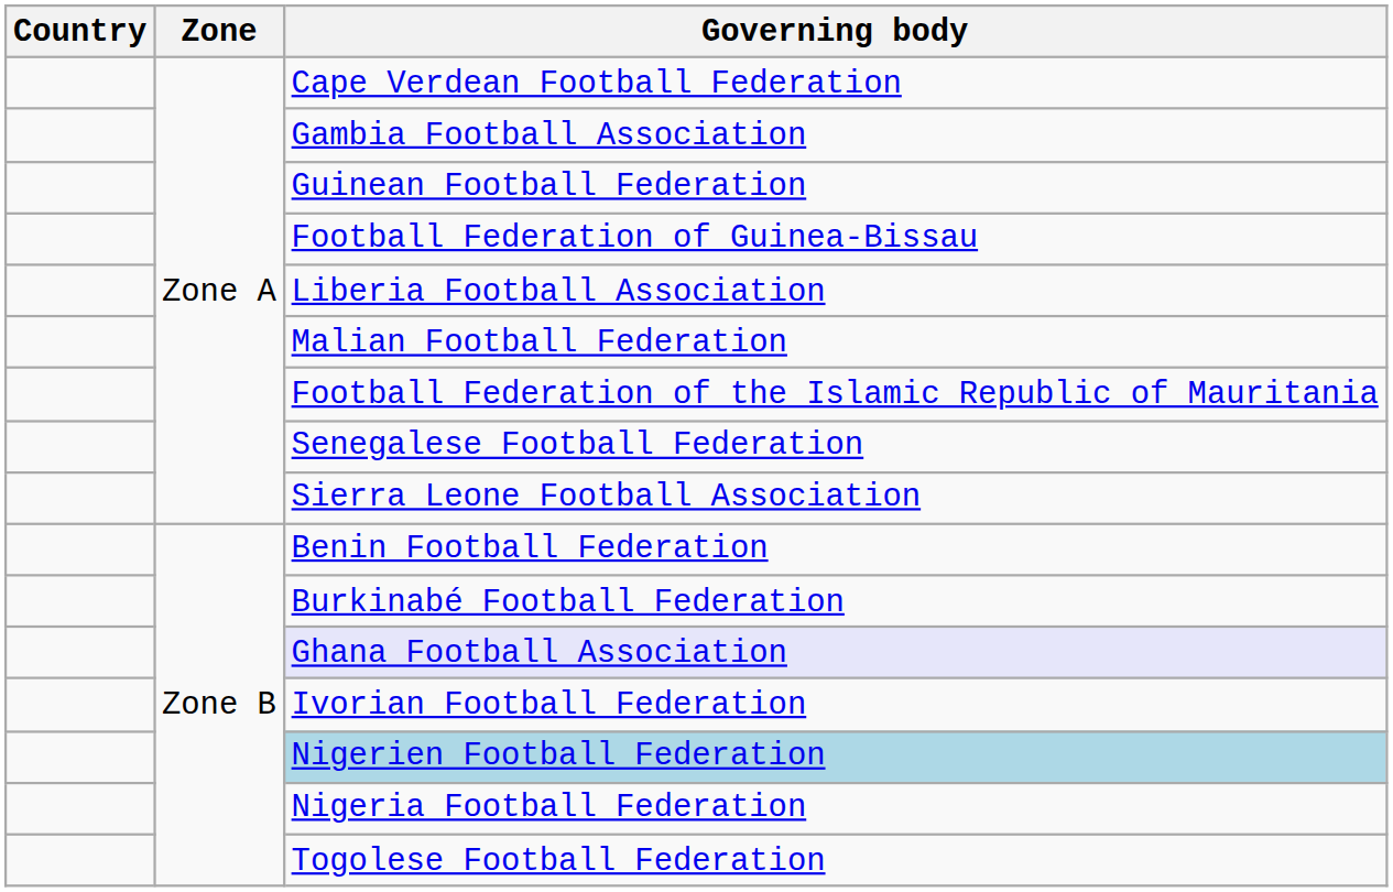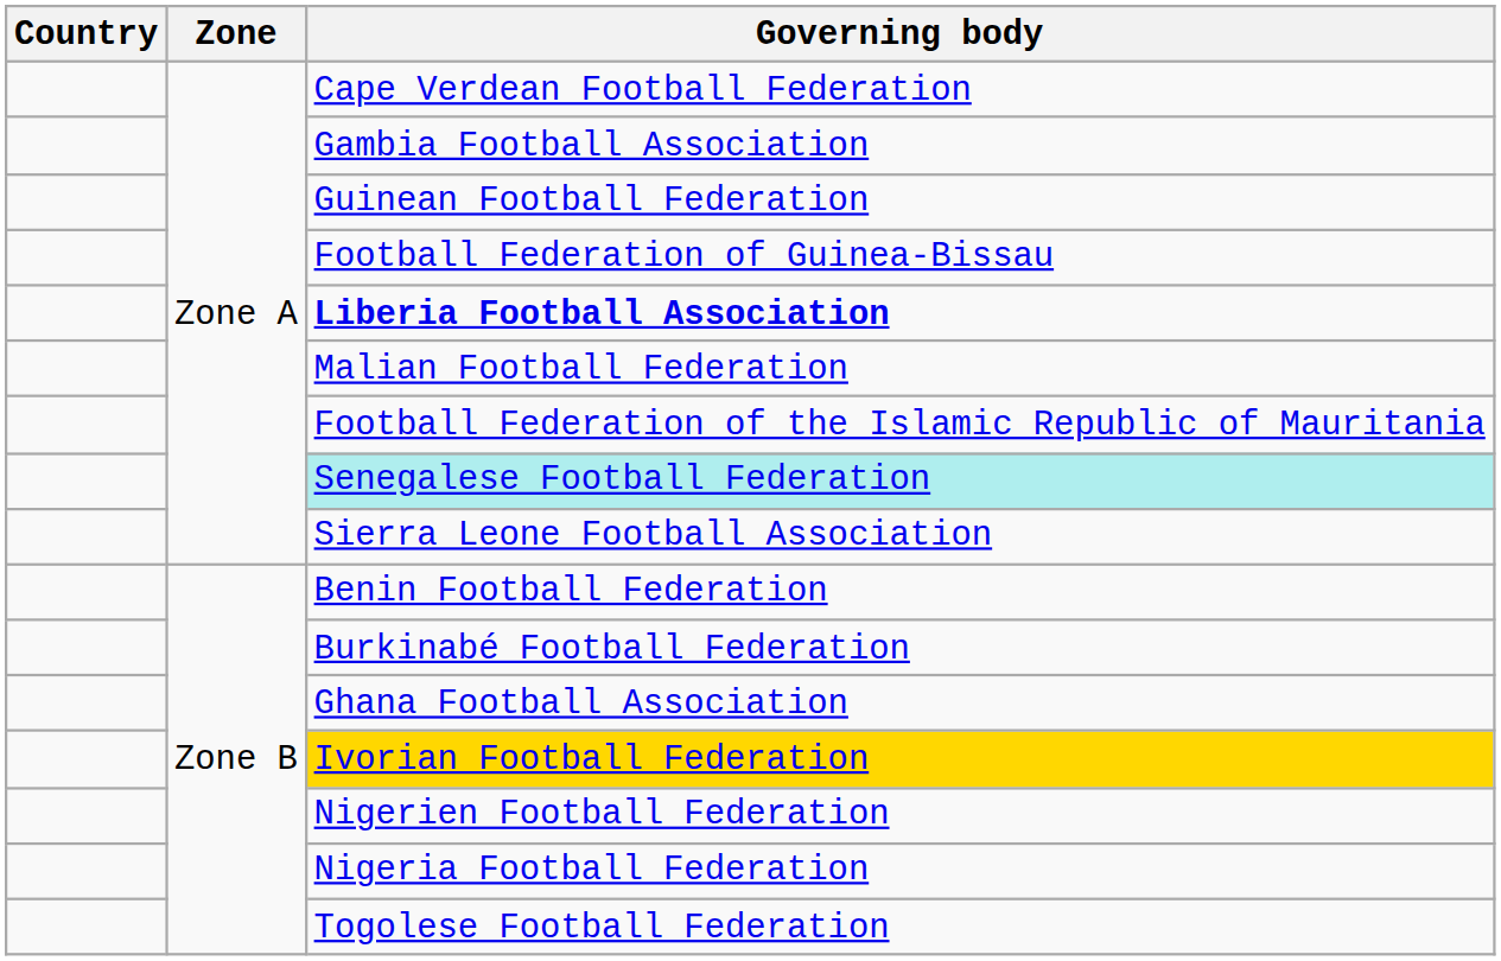 <table class="wikitable sortable" valign="top">
 <tr>
 <th>Country</th>
 <th>Zone</th>
 <th>Governing body</th>
 </tr>
 <tr>
 <td></td>
 <td rowspan="9">Zone A</td>
 <td><a href='#'>Cape Verdean Football Federation</a></td>
 </tr>
 <tr>
 <td></td>
 <td><a href='#'>Gambia Football Association</a></td>
 </tr>
 <tr>
 <td></td>
 <td><a href='#'>Guinean Football Federation</a></td>
 </tr>
 <tr>
 <td></td>
 <td><a href='#'>Football Federation of Guinea-Bissau</a></td>
 </tr>
 <tr>
 <td></td>
-<td><a href='#'>Liberia Football Association</a></td>
+<td><strong><a href='#'>Liberia Football Association</a></strong></td>
 </tr>
 <tr>
 <td></td>
 <td><a href='#'>Malian Football Federation</a></td>
 </tr>
 <tr>
 <td></td>
 <td><a href='#'>Football Federation of the Islamic Republic of Mauritania</a></td>
 </tr>
 <tr>
 <td></td>
-<td><a href='#'>Senegalese Football Federation</a></td>
+<td style="background: paleturquoise;"><a href='#'>Senegalese Football Federation</a></td>
 </tr>
 <tr>
 <td></td>
 <td><a href='#'>Sierra Leone Football Association</a></td>
 </tr>
 <tr>
 <td></td>
 <td rowspan="7">Zone B</td>
 <td><a href='#'>Benin Football Federation</a></td>
 </tr>
 <tr>
 <td></td>
 <td><a href='#'>Burkinabé Football Federation</a></td>
 </tr>
 <tr>
 <td></td>
-<td style="background: lavender;"><a href='#'>Ghana Football Association</a></td>
+<td><a href='#'>Ghana Football Association</a></td>
 </tr>
 <tr>
 <td></td>
-<td><a href='#'>Ivorian Football Federation</a></td>
+<td style="background: gold;"><a href='#'>Ivorian Football Federation</a></td>
 </tr>
 <tr>
 <td></td>
-<td style="background: lightblue;"><a href='#'>Nigerien Football Federation</a></td>
+<td><a href='#'>Nigerien Football Federation</a></td>
 </tr>
 <tr>
 <td></td>
 <td><a href='#'>Nigeria Football Federation</a></td>
 </tr>
 <tr>
 <td></td>
 <td><a href='#'>Togolese Football Federation</a></td>
 </tr>
 </table>
